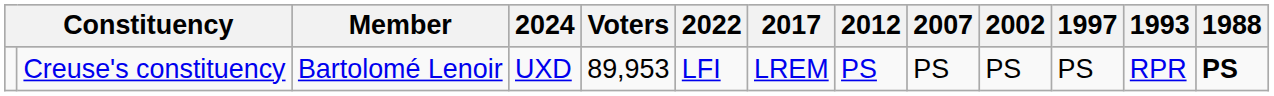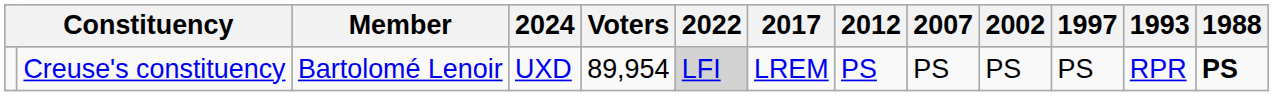 <table class="wikitable sortable">
 <tr>
 <th colspan="2">Constituency</th>
 <th>Member</th>
 <th>2024</th>
 <th>Voters</th>
 <th>2022</th>
 <th>2017</th>
 <th>2012</th>
 <th>2007</th>
 <th>2002</th>
 <th>1997</th>
 <th>1993</th>
 <th>1988</th>
 </tr>
 <tr>
 <td style="background-color: "></td>
 <td><a href='#'>Creuse's constituency</a></td>
 <td><a href='#'>Bartolomé Lenoir</a></td>
 <td><a href='#'>UXD</a></td>
-<td>89,953</td>
-<td><a href='#'>LFI</a></td>
+<td>89,954</td>
+<td style="background: lightgrey;"><a href='#'>LFI</a></td>
 <td><a href='#'>LREM</a></td>
 <td bgcolor=><a href='#'>PS</a></td>
 <td bgcolor=>PS</td>
 <td bgcolor=>PS</td>
 <td bgcolor=>PS</td>
 <td bgcolor=><a href='#'>RPR</a></td>
 <td bgcolor=><strong>PS</strong></td>
 </tr>
 </table>
